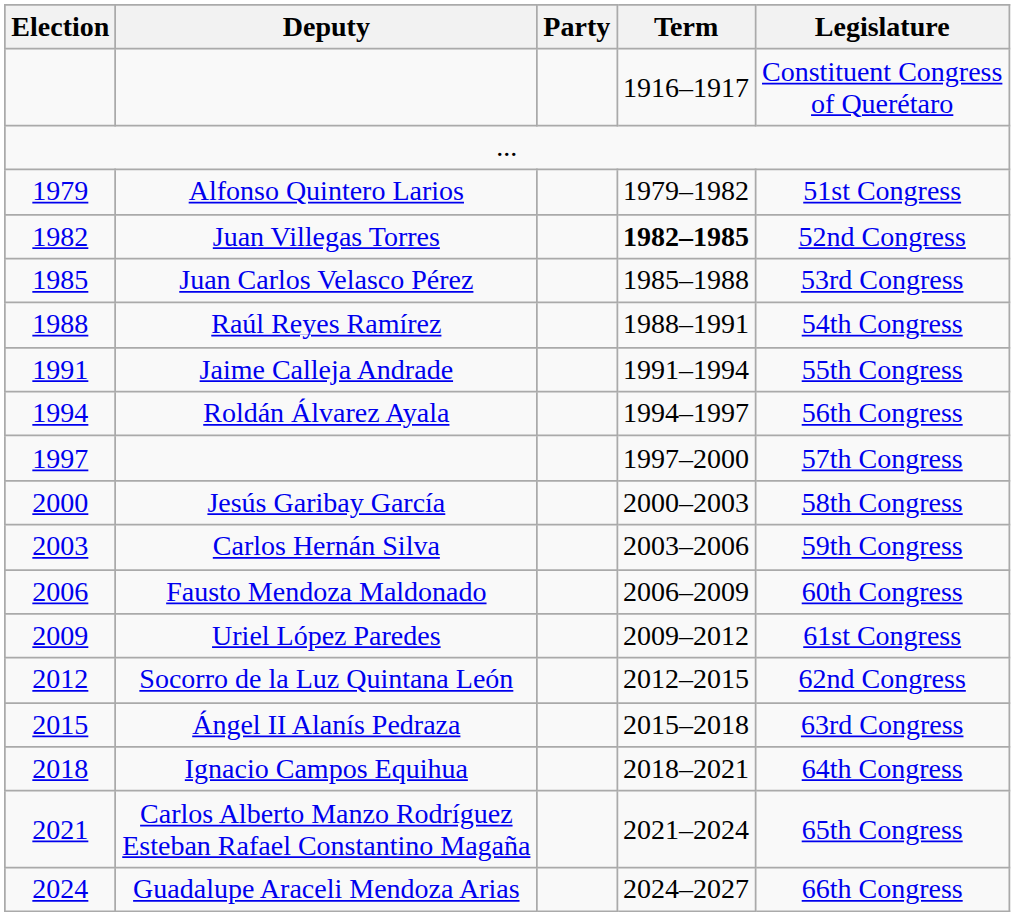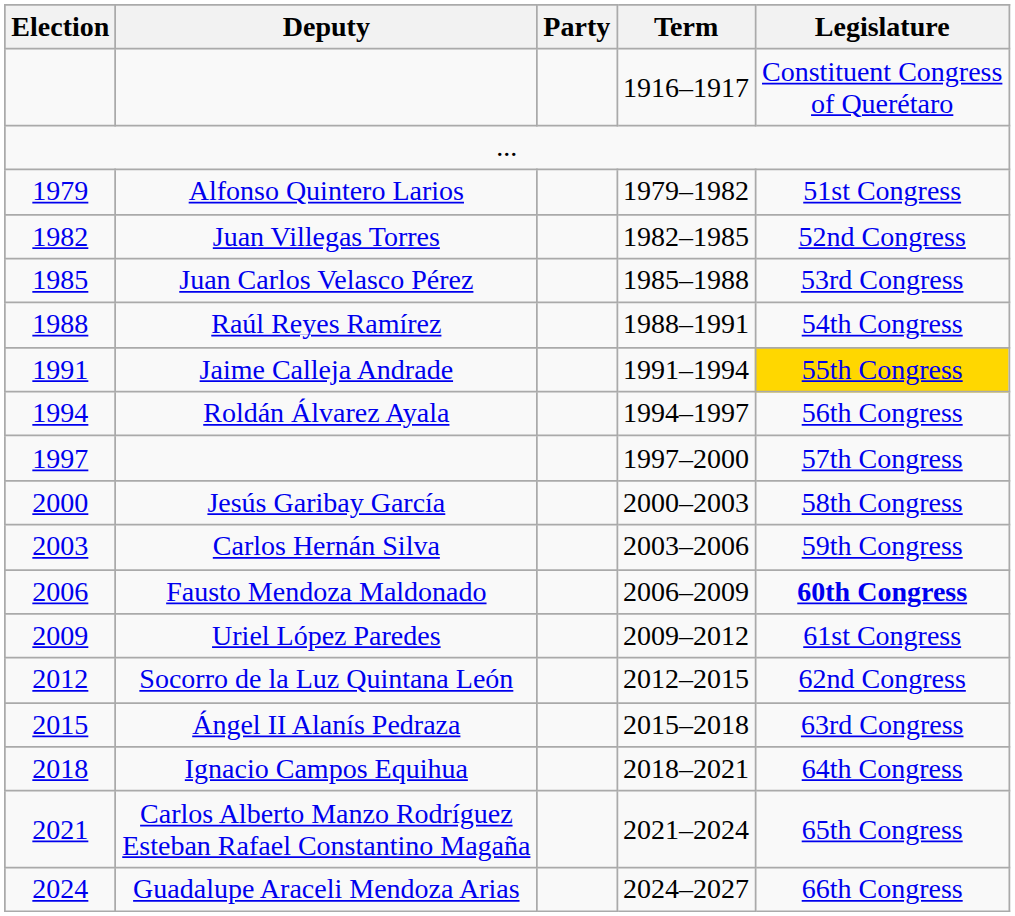 <table class="wikitable sortable" style="text-align: center">
 <tr>
 <th>Election</th>
 <th class="unsortable">Deputy</th>
 <th class="unsortable">Party</th>
 <th class="unsortable">Term</th>
 <th class="unsortable">Legislature</th>
 </tr>
 <tr>
 <td></td>
 <td></td>
 <td></td>
 <td>1916–1917</td>
 <td><a href='#'>Constituent Congress<br>of Querétaro</a></td>
 </tr>
 <tr>
 <td colspan=5> ...</td>
 </tr>
 <tr>
 <td><a href='#'>1979</a></td>
 <td><a href='#'>Alfonso Quintero Larios</a></td>
 <td></td>
 <td>1979–1982</td>
 <td><a href='#'>51st Congress</a></td>
 </tr>
 <tr>
 <td><a href='#'>1982</a></td>
 <td><a href='#'>Juan Villegas Torres</a></td>
 <td></td>
-<td><strong>1982–1985</strong></td>
+<td>1982–1985</td>
 <td><a href='#'>52nd Congress</a></td>
 </tr>
 <tr>
 <td><a href='#'>1985</a></td>
 <td><a href='#'>Juan Carlos Velasco Pérez</a></td>
 <td></td>
 <td>1985–1988</td>
 <td><a href='#'>53rd Congress</a></td>
 </tr>
 <tr>
 <td><a href='#'>1988</a></td>
 <td><a href='#'>Raúl Reyes Ramírez</a></td>
 <td></td>
 <td>1988–1991</td>
 <td><a href='#'>54th Congress</a></td>
 </tr>
 <tr>
 <td><a href='#'>1991</a></td>
 <td><a href='#'>Jaime Calleja Andrade</a></td>
 <td></td>
 <td>1991–1994</td>
-<td><a href='#'>55th Congress</a></td>
+<td style="background: gold;"><a href='#'>55th Congress</a></td>
 </tr>
 <tr>
 <td><a href='#'>1994</a></td>
 <td><a href='#'>Roldán Álvarez Ayala</a></td>
 <td></td>
 <td>1994–1997</td>
 <td><a href='#'>56th Congress</a></td>
 </tr>
 <tr>
 <td><a href='#'>1997</a></td>
 <td></td>
 <td></td>
 <td>1997–2000</td>
 <td><a href='#'>57th Congress</a></td>
 </tr>
 <tr>
 <td><a href='#'>2000</a></td>
 <td><a href='#'>Jesús Garibay García</a></td>
 <td></td>
 <td>2000–2003</td>
 <td><a href='#'>58th Congress</a></td>
 </tr>
 <tr>
 <td><a href='#'>2003</a></td>
 <td><a href='#'>Carlos Hernán Silva</a></td>
 <td></td>
 <td>2003–2006</td>
 <td><a href='#'>59th Congress</a></td>
 </tr>
 <tr>
 <td><a href='#'>2006</a></td>
 <td><a href='#'>Fausto Mendoza Maldonado</a></td>
 <td></td>
 <td>2006–2009</td>
-<td><a href='#'>60th Congress</a></td>
+<td><strong><a href='#'>60th Congress</a></strong></td>
 </tr>
 <tr>
 <td><a href='#'>2009</a></td>
 <td><a href='#'>Uriel López Paredes</a></td>
 <td></td>
 <td>2009–2012</td>
 <td><a href='#'>61st Congress</a></td>
 </tr>
 <tr>
 <td><a href='#'>2012</a></td>
 <td><a href='#'>Socorro de la Luz Quintana León</a></td>
 <td></td>
 <td>2012–2015</td>
 <td><a href='#'>62nd Congress</a></td>
 </tr>
 <tr>
 <td><a href='#'>2015</a></td>
 <td><a href='#'>Ángel II Alanís Pedraza</a></td>
 <td></td>
 <td>2015–2018</td>
 <td><a href='#'>63rd Congress</a></td>
 </tr>
 <tr>
 <td><a href='#'>2018</a></td>
 <td><a href='#'>Ignacio Campos Equihua</a></td>
 <td></td>
 <td>2018–2021</td>
 <td><a href='#'>64th Congress</a></td>
 </tr>
 <tr>
 <td><a href='#'>2021</a></td>
 <td><a href='#'>Carlos Alberto Manzo Rodríguez</a><br><a href='#'>Esteban Rafael Constantino Magaña</a></td>
 <td></td>
 <td>2021–2024</td>
 <td><a href='#'>65th Congress</a></td>
 </tr>
 <tr>
 <td><a href='#'>2024</a></td>
 <td><a href='#'>Guadalupe Araceli Mendoza Arias</a></td>
 <td></td>
 <td>2024–2027</td>
 <td><a href='#'>66th Congress</a></td>
 </tr>
 </table>
